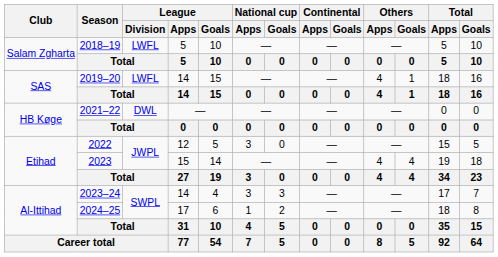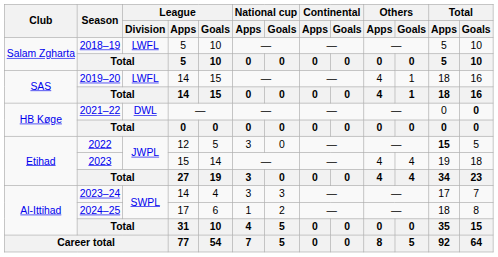 <table class="wikitable" style="text-align: center;">
 <tr>
 <th rowspan="2">Club</th>
 <th rowspan="2">Season</th>
 <th colspan="3">League</th>
 <th colspan="2">National cup</th>
 <th colspan="2">Continental</th>
 <th colspan="2">Others</th>
 <th colspan="2">Total</th>
 </tr>
 <tr>
 <th>Division</th>
 <th>Apps</th>
 <th>Goals</th>
 <th>Apps</th>
 <th>Goals</th>
 <th>Apps</th>
 <th>Goals</th>
 <th>Apps</th>
 <th>Goals</th>
 <th>Apps</th>
 <th>Goals</th>
 </tr>
 <tr>
 <td rowspan="2"><a href='#'>Salam Zgharta</a></td>
 <td><a href='#'>2018–19</a></td>
 <td rowspan="1"><a href='#'>LWFL</a></td>
 <td>5</td>
 <td>10</td>
 <td colspan="2">—</td>
 <td colspan="2">—</td>
 <td colspan="2">—</td>
 <td>5</td>
 <td>10</td>
 </tr>
 <tr>
 <th colspan="2">Total</th>
 <th>5</th>
 <th>10</th>
 <th>0</th>
 <th>0</th>
 <th>0</th>
 <th>0</th>
 <th>0</th>
 <th>0</th>
 <th>5</th>
 <th>10</th>
 </tr>
 <tr>
 <td rowspan="2"><a href='#'>SAS</a></td>
 <td><a href='#'>2019–20</a></td>
 <td rowspan="1"><a href='#'>LWFL</a></td>
 <td>14</td>
 <td>15</td>
 <td colspan="2">—</td>
 <td colspan="2">—</td>
 <td>4</td>
 <td>1</td>
 <td>18</td>
 <td>16</td>
 </tr>
 <tr>
 <th colspan="2">Total</th>
 <th>14</th>
 <th>15</th>
 <th>0</th>
 <th>0</th>
 <th>0</th>
 <th>0</th>
 <th>4</th>
 <th>1</th>
 <th>18</th>
 <th>16</th>
 </tr>
 <tr>
 <td rowspan="2"><a href='#'>HB Køge</a></td>
 <td><a href='#'>2021–22</a></td>
 <td rowspan="1"><a href='#'>DWL</a></td>
 <td colspan="2">—</td>
 <td colspan="2">—</td>
 <td colspan="2">—</td>
 <td colspan="2">—</td>
 <td>0</td>
-<td>0</td>
+<td><strong>0</strong></td>
 </tr>
 <tr>
 <th colspan="2">Total</th>
 <th>0</th>
 <th>0</th>
 <th>0</th>
 <th>0</th>
 <th>0</th>
 <th>0</th>
 <th>0</th>
 <th>0</th>
 <th>0</th>
 <th>0</th>
 </tr>
 <tr>
 <td rowspan="3"><a href='#'>Etihad</a></td>
 <td><a href='#'>2022</a></td>
 <td rowspan="2"><a href='#'>JWPL</a></td>
 <td>12</td>
 <td>5</td>
 <td>3</td>
 <td>0</td>
 <td colspan="2">—</td>
 <td colspan="2">—</td>
-<td>15</td>
+<td><strong>15</strong></td>
 <td>5</td>
 </tr>
 <tr>
 <td><a href='#'>2023</a></td>
 <td>15</td>
 <td>14</td>
 <td colspan="2">—</td>
 <td colspan="2">—</td>
 <td>4</td>
 <td>4</td>
 <td>19</td>
 <td>18</td>
 </tr>
 <tr>
 <th colspan="2">Total</th>
 <th>27</th>
 <th>19</th>
 <th>3</th>
 <th>0</th>
 <th>0</th>
 <th>0</th>
 <th>4</th>
 <th>4</th>
 <th>34</th>
 <th>23</th>
 </tr>
 <tr>
 <td rowspan="3"><a href='#'>Al-Ittihad</a></td>
 <td><a href='#'>2023–24</a></td>
 <td rowspan="2"><a href='#'>SWPL</a></td>
 <td>14</td>
 <td>4</td>
 <td>3</td>
 <td>3</td>
 <td colspan="2">—</td>
 <td colspan="2">—</td>
 <td>17</td>
 <td>7</td>
 </tr>
 <tr>
 <td><a href='#'>2024–25</a></td>
 <td>17</td>
 <td>6</td>
 <td>1</td>
 <td>2</td>
 <td colspan="2">—</td>
 <td colspan="2">—</td>
 <td>18</td>
 <td>8</td>
 </tr>
 <tr>
 <th colspan="2">Total</th>
 <th>31</th>
 <th>10</th>
 <th>4</th>
 <th>5</th>
 <th>0</th>
 <th>0</th>
 <th>0</th>
 <th>0</th>
 <th>35</th>
 <th>15</th>
 </tr>
 <tr>
 <th colspan="3">Career total</th>
 <th>77</th>
 <th>54</th>
 <th>7</th>
 <th>5</th>
 <th>0</th>
 <th>0</th>
 <th>8</th>
 <th>5</th>
 <th>92</th>
 <th>64</th>
 </tr>
 </table>
